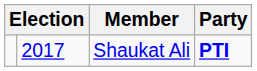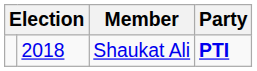 <table class="wikitable">
 <tr>
 <th colspan="2">Election</th>
 <th>Member</th>
 <th>Party</th>
 </tr>
 <tr>
 <td style="background-color: "></td>
-<td><a href='#'>2017</a></td>
+<td><a href='#'>2018</a></td>
 <td><a href='#'>Shaukat Ali</a></td>
 <td><strong><a href='#'>PTI</a></strong></td>
 </tr>
 </table>
